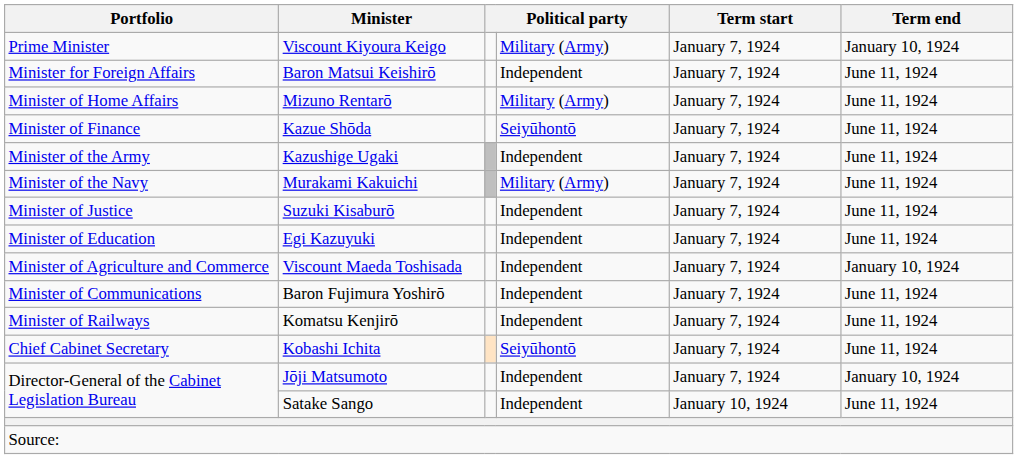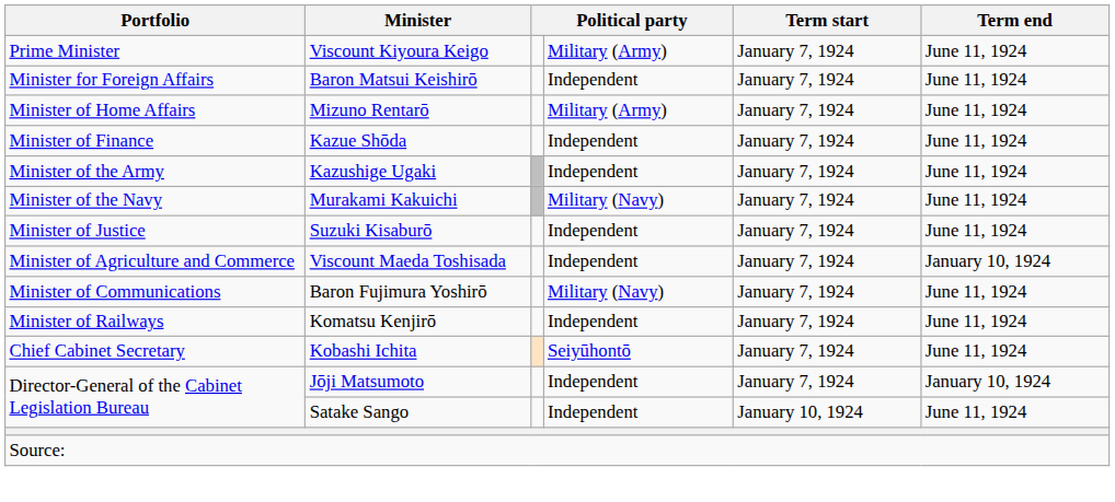 <table class="wikitable unsortable" style="font-size: 90%;">
 <tr>
 <th scope="col" width="20%">Portfolio</th>
 <th scope="col" width="15%">Minister</th>
 <th colspan="2" scope="col" width="13.5%">Political party</th>
 <th scope="col" width="12.5%">Term start</th>
 <th scope="col" width="12.5%">Term end</th>
 </tr>
 <tr>
 <td style="text-align: left;"><a href='#'>Prime Minister</a></td>
 <td><a href='#'>Viscount Kiyoura Keigo</a></td>
 <td style="color:inherit;background:"></td>
 <td><a href='#'>Military</a> (<a href='#'>Army</a>)</td>
 <td>January 7, 1924</td>
-<td>January 10, 1924</td>
+<td>June 11, 1924</td>
 </tr>
 <tr>
 <td><a href='#'>Minister for Foreign Affairs</a></td>
 <td><a href='#'>Baron Matsui Keishirō</a></td>
 <td style="color:inherit;background:"></td>
 <td>Independent</td>
 <td>January 7, 1924</td>
 <td>June 11, 1924</td>
 </tr>
 <tr>
 <td><a href='#'>Minister of Home Affairs</a></td>
 <td><a href='#'>Mizuno Rentarō</a></td>
 <td style="color:inherit;background:"></td>
 <td><a href='#'>Military</a> (<a href='#'>Army</a>)</td>
 <td>January 7, 1924</td>
 <td>June 11, 1924</td>
 </tr>
 <tr>
 <td><a href='#'>Minister of Finance</a></td>
 <td><a href='#'>Kazue Shōda</a></td>
 <td style="color:inherit;background:"></td>
-<td><a href='#'>Seiyūhontō</a></td>
+<td>Independent</td>
 <td>January 7, 1924</td>
 <td>June 11, 1924</td>
 </tr>
 <tr>
 <td><a href='#'>Minister of the Army</a></td>
 <td><a href='#'>Kazushige Ugaki</a></td>
 <td style="color:inherit;background:#bfbfbf"></td>
 <td>Independent</td>
 <td>January 7, 1924</td>
 <td>June 11, 1924</td>
 </tr>
 <tr>
 <td><a href='#'>Minister of the Navy</a></td>
 <td><a href='#'>Murakami Kakuichi</a></td>
 <td style="color:inherit;background:#bfbfbf"></td>
-<td><a href='#'>Military</a> (<a href='#'>Army</a>)</td>
+<td><a href='#'>Military</a> (<a href='#'>Navy</a>)</td>
 <td>January 7, 1924</td>
 <td>June 11, 1924</td>
 </tr>
 <tr>
 <td><a href='#'>Minister of Justice</a></td>
 <td><a href='#'>Suzuki Kisaburō</a></td>
-<td style="color:inherit;background:"></td>
-<td>Independent</td>
-<td>January 7, 1924</td>
-<td>June 11, 1924</td>
-</tr>
-<tr>
-<td><a href='#'>Minister of Education</a></td>
-<td><a href='#'>Egi Kazuyuki</a></td>
 <td style="color:inherit;background:"></td>
 <td>Independent</td>
 <td>January 7, 1924</td>
 <td>June 11, 1924</td>
 </tr>
 <tr>
 <td><a href='#'>Minister of Agriculture and Commerce</a></td>
 <td><a href='#'>Viscount Maeda Toshisada</a></td>
 <td style="color:inherit;background:"></td>
 <td>Independent</td>
 <td>January 7, 1924</td>
 <td>January 10, 1924</td>
 </tr>
 <tr>
 <td><a href='#'>Minister of Communications</a></td>
 <td>Baron Fujimura Yoshirō</td>
 <td style="color:inherit;background:"></td>
-<td>Independent</td>
+<td><a href='#'>Military</a> (<a href='#'>Navy</a>)</td>
 <td>January 7, 1924</td>
 <td>June 11, 1924</td>
 </tr>
 <tr>
 <td><a href='#'>Minister of Railways</a></td>
 <td>Komatsu Kenjirō</td>
 <td style="color:inherit;background:"></td>
 <td>Independent</td>
 <td>January 7, 1924</td>
 <td>June 11, 1924</td>
 </tr>
 <tr>
 <td><a href='#'>Chief Cabinet Secretary</a></td>
 <td><a href='#'>Kobashi Ichita</a></td>
 <td style="background:#FFE4C4;"></td>
 <td><a href='#'>Seiyūhontō</a></td>
 <td>January 7, 1924</td>
 <td>June 11, 1924</td>
 </tr>
 <tr>
 <td rowspan="2">Director-General of the <a href='#'>Cabinet Legislation Bureau</a></td>
 <td><a href='#'>Jōji Matsumoto</a></td>
 <td style="color:inherit;background:"></td>
 <td>Independent</td>
 <td>January 7, 1924</td>
 <td>January 10, 1924</td>
 </tr>
 <tr>
 <td>Satake Sango</td>
 <td style="color:inherit;background:"></td>
 <td>Independent</td>
 <td>January 10, 1924</td>
 <td>June 11, 1924</td>
 </tr>
 <tr>
 <th colspan="6"></th>
 </tr>
 <tr>
 <td colspan="6">Source:</td>
 </tr>
 </table>
